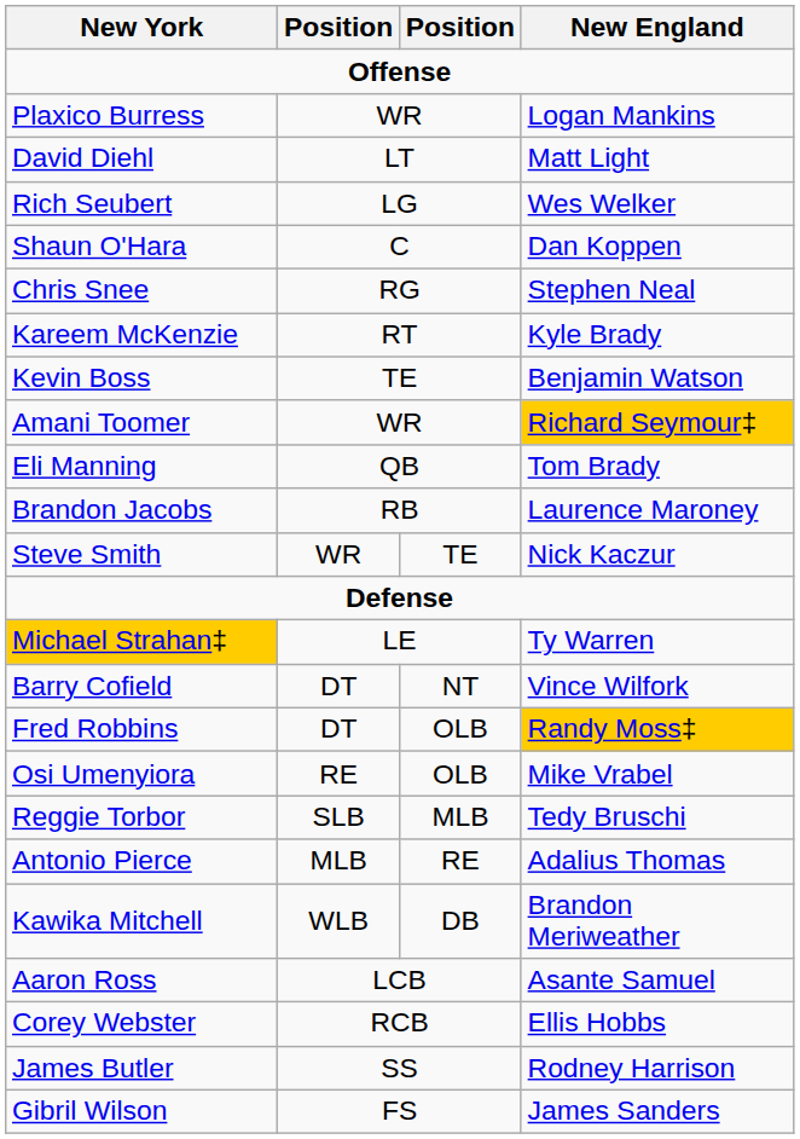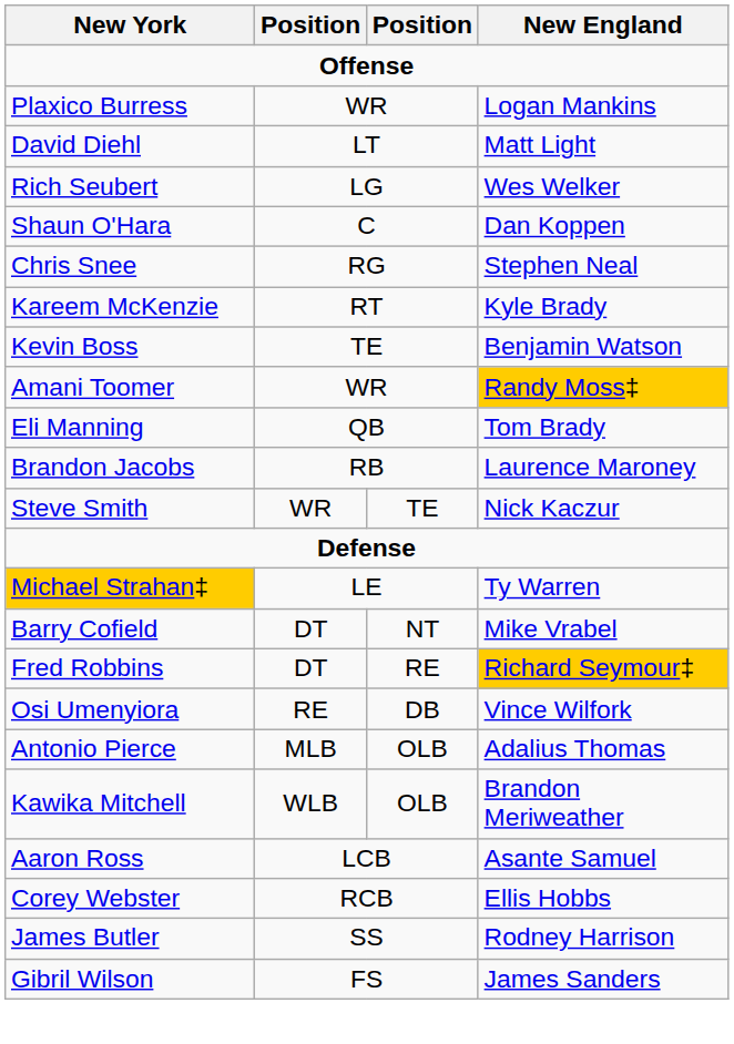 <table class="wikitable">
 <tr>
 <th style="width:150px;">New York</th>
 <th>Position</th>
 <th>Position</th>
 <th style="width:150px;">New England</th>
 </tr>
 <tr>
 <td colspan="4" style="text-align:center;"><strong>Offense</strong></td>
 </tr>
 <tr>
 <td><a href='#'>Plaxico Burress</a></td>
 <td colspan=2 style="text-align:center;">WR</td>
 <td><a href='#'>Logan Mankins</a></td>
 </tr>
 <tr>
 <td><a href='#'>David Diehl</a></td>
 <td colspan=2 style="text-align:center;">LT</td>
 <td><a href='#'>Matt Light</a></td>
 </tr>
 <tr>
 <td><a href='#'>Rich Seubert</a></td>
 <td colspan=2 style="text-align:center;">LG</td>
 <td><a href='#'>Wes Welker</a></td>
 </tr>
 <tr>
 <td><a href='#'>Shaun O'Hara</a></td>
 <td colspan=2 style="text-align:center;">C</td>
 <td><a href='#'>Dan Koppen</a></td>
 </tr>
 <tr>
 <td><a href='#'>Chris Snee</a></td>
 <td colspan=2 style="text-align:center;">RG</td>
 <td><a href='#'>Stephen Neal</a></td>
 </tr>
 <tr>
 <td><a href='#'>Kareem McKenzie</a></td>
 <td colspan=2 style="text-align:center;">RT</td>
 <td><a href='#'>Kyle Brady</a></td>
 </tr>
 <tr>
 <td><a href='#'>Kevin Boss</a></td>
 <td colspan=2 style="text-align:center;">TE</td>
 <td><a href='#'>Benjamin Watson</a></td>
 </tr>
 <tr>
 <td><a href='#'>Amani Toomer</a></td>
 <td colspan=2 style="text-align:center;">WR</td>
-<td bgcolor="#FFCC00"><a href='#'>Richard Seymour</a>‡</td>
+<td bgcolor="#FFCC00"><a href='#'>Randy Moss</a>‡</td>
 </tr>
 <tr>
 <td><a href='#'>Eli Manning</a></td>
 <td colspan=2 style="text-align:center;">QB</td>
 <td><a href='#'>Tom Brady</a></td>
 </tr>
 <tr>
 <td><a href='#'>Brandon Jacobs</a></td>
 <td colspan=2 style="text-align:center;">RB</td>
 <td><a href='#'>Laurence Maroney</a></td>
 </tr>
 <tr>
 <td><a href='#'>Steve Smith</a></td>
 <td style="text-align:center;">WR</td>
 <td style="text-align:center;">TE</td>
 <td><a href='#'>Nick Kaczur</a></td>
 </tr>
 <tr>
 <td colspan="4" style="text-align:center;"><strong>Defense</strong></td>
 </tr>
 <tr>
 <td bgcolor="#FFCC00"><a href='#'>Michael Strahan</a>‡</td>
 <td colspan=2 style="text-align:center;">LE</td>
 <td><a href='#'>Ty Warren</a></td>
 </tr>
 <tr>
 <td><a href='#'>Barry Cofield</a></td>
 <td style="text-align:center;">DT</td>
 <td style="text-align:center;">NT</td>
-<td><a href='#'>Vince Wilfork</a></td>
+<td><a href='#'>Mike Vrabel</a></td>
 </tr>
 <tr>
 <td><a href='#'>Fred Robbins</a></td>
 <td style="text-align:center;">DT</td>
-<td style="text-align:center;">OLB</td>
-<td bgcolor="#FFCC00"><a href='#'>Randy Moss</a>‡</td>
+<td style="text-align:center;">RE</td>
+<td bgcolor="#FFCC00"><a href='#'>Richard Seymour</a>‡</td>
 </tr>
 <tr>
 <td><a href='#'>Osi Umenyiora</a></td>
 <td style="text-align:center;">RE</td>
-<td style="text-align:center;">OLB</td>
-<td><a href='#'>Mike Vrabel</a></td>
-</tr>
-<tr>
-<td><a href='#'>Reggie Torbor</a></td>
-<td style="text-align:center;">SLB</td>
-<td style="text-align:center;">MLB</td>
-<td><a href='#'>Tedy Bruschi</a></td>
+<td style="text-align:center;">DB</td>
+<td><a href='#'>Vince Wilfork</a></td>
 </tr>
 <tr>
 <td><a href='#'>Antonio Pierce</a></td>
 <td style="text-align:center;">MLB</td>
-<td style="text-align:center;">RE</td>
+<td style="text-align:center;">OLB</td>
 <td><a href='#'>Adalius Thomas</a></td>
 </tr>
 <tr>
 <td><a href='#'>Kawika Mitchell</a></td>
 <td style="text-align:center;">WLB</td>
-<td style="text-align:center;">DB</td>
+<td style="text-align:center;">OLB</td>
 <td><a href='#'>Brandon Meriweather</a></td>
 </tr>
 <tr>
 <td><a href='#'>Aaron Ross</a></td>
 <td colspan=2 style="text-align:center;">LCB</td>
 <td><a href='#'>Asante Samuel</a></td>
 </tr>
 <tr>
 <td><a href='#'>Corey Webster</a></td>
 <td colspan=2 style="text-align:center;">RCB</td>
 <td><a href='#'>Ellis Hobbs</a></td>
 </tr>
 <tr>
 <td><a href='#'>James Butler</a></td>
 <td colspan=2 style="text-align:center;">SS</td>
 <td><a href='#'>Rodney Harrison</a></td>
 </tr>
 <tr>
 <td><a href='#'>Gibril Wilson</a></td>
 <td colspan=2 style="text-align:center;">FS</td>
 <td><a href='#'>James Sanders</a></td>
 </tr>
 </table>
